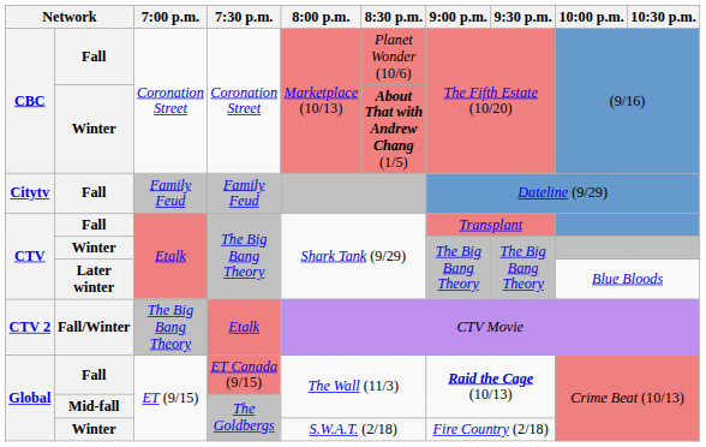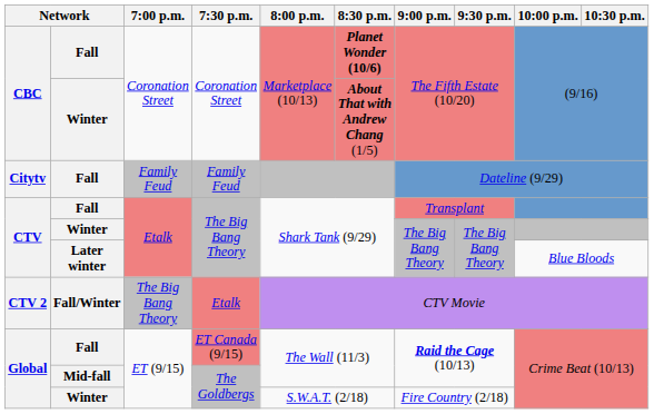 <table class=wikitable style=width:100%;margin-right:0;text-align:center>
 <tr>
 <th style=width:8% colspan=2>Network</th>
 <th style=width:11.5%>7:00 p.m.</th>
 <th style=width:11.5%>7:30 p.m.</th>
 <th style=width:11.5%>8:00 p.m.</th>
 <th style=width:11.5%>8:30 p.m.</th>
 <th style=width:11.5%>9:00 p.m.</th>
 <th style=width:11.5%>9:30 p.m.</th>
 <th style=width:11.5%>10:00 p.m.</th>
 <th style=width:11.5%>10:30 p.m.</th>
 </tr>
 <tr>
 <th rowspan=2><a href='#'>CBC</a></th>
 <th>Fall</th>
 <td rowspan=2><em><a href='#'>Coronation Street</a></em></td>
 <td rowspan=2><em><a href='#'>Coronation Street</a></em></td>
 <td style=background:#F08080 rowspan=2><em><a href='#'>Marketplace</a></em> (10/13)</td>
-<td style=background:#F08080><em>Planet Wonder</em> (10/6)</td>
+<td style=background:#F08080><strong><em>Planet Wonder</em> (10/6)</strong></td>
 <td style=background:#F08080 rowspan=2 colspan=2><em><a href='#'>The Fifth Estate</a></em> (10/20)</td>
 <td colspan=2 rowspan=2 style=background:#6699CC> (9/16)</td>
 </tr>
 <tr>
 <th>Winter</th>
 <td style=background:#F08080><strong><em>About That with Andrew Chang</em></strong> (1/5)</td>
 </tr>
 <tr>
 <th><a href='#'>Citytv</a></th>
 <th>Fall</th>
 <td style=background:#C0C0C0><em><a href='#'>Family Feud</a></em> </td>
 <td style=background:#C0C0C0><em><a href='#'>Family Feud</a></em> </td>
 <td colspan=2 style=background:#C0C0C0> </td>
 <td colspan=4 style=background:#6699CC><em><a href='#'>Dateline</a></em> (9/29)</td>
 </tr>
 <tr>
 <th rowspan=3><a href='#'>CTV</a></th>
 <th>Fall</th>
 <td style=background:#F08080 rowspan=3><em><a href='#'>Etalk</a></em></td>
 <td style=background:#C0C0C0 rowspan=3><em><a href='#'>The Big Bang Theory</a></em> </td>
 <td colspan=2 rowspan=3><em><a href='#'>Shark Tank</a></em> (9/29)</td>
 <td colspan=2 style=background:#F08080><em><a href='#'>Transplant</a></em> </td>
 <td colspan=2 style=background:#6699CC> </td>
 </tr>
 <tr>
 <th>Winter</th>
 <td style=background:#C0C0C0 rowspan=2><em><a href='#'>The Big Bang Theory</a></em> </td>
 <td style=background:#C0C0C0 rowspan=2><em><a href='#'>The Big Bang Theory</a></em> </td>
 <td colspan=2 style=background:#C0C0C0> </td>
 </tr>
 <tr>
 <th>Later winter</th>
 <td colspan=2><em><a href='#'>Blue Bloods</a></em> </td>
 </tr>
 <tr>
 <th><a href='#'>CTV 2</a></th>
 <th>Fall/Winter</th>
 <td style=background:#C0C0C0><em><a href='#'>The Big Bang Theory</a></em> </td>
 <td style=background:#F08080><em><a href='#'>Etalk</a></em></td>
 <td style=background:#BF8FEF colspan=6><em>CTV Movie</em></td>
 </tr>
 <tr>
 <th rowspan=3><a href='#'>Global</a></th>
 <th>Fall</th>
 <td rowspan=3><em><a href='#'>ET</a></em> (9/15)</td>
 <td style=background:#f08080><em><a href='#'>ET Canada</a></em> (9/15)</td>
 <td colspan=2 rowspan=2><em><a href='#'>The Wall</a></em> (11/3)</td>
 <td colspan=2 rowspan=2><strong><em><a href='#'>Raid the Cage</a></em></strong> (10/13)</td>
 <td colspan=2 style=background:#F08080 rowspan=3><em>Crime Beat</em> (10/13)</td>
 </tr>
 <tr>
 <th>Mid-fall</th>
 <td style=background:#C0C0C0 rowspan=2><em><a href='#'>The Goldbergs</a></em> </td>
 </tr>
 <tr>
 <th>Winter</th>
 <td colspan=2><em><a href='#'>S.W.A.T.</a></em> (2/18)</td>
 <td colspan=2><em><a href='#'>Fire Country</a></em> (2/18)</td>
 </tr>
 </table>
